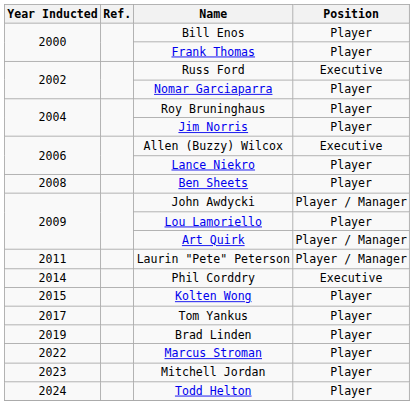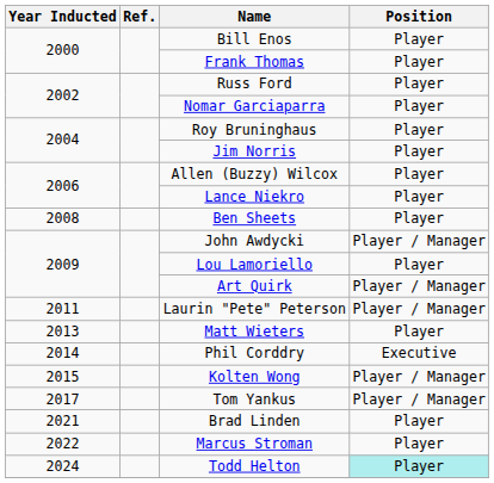 <table class="wikitable" style="text-align:center">
 <tr>
 <th>Year Inducted</th>
 <th>Ref.</th>
 <th>Name</th>
 <th>Position</th>
 </tr>
 <tr>
 <td rowspan="2">2000</td>
 <td rowspan="2"></td>
 <td>Bill Enos</td>
 <td>Player</td>
 </tr>
 <tr>
 <td><a href='#'>Frank Thomas</a></td>
 <td>Player</td>
 </tr>
 <tr>
 <td rowspan="2">2002</td>
 <td rowspan="2"></td>
 <td>Russ Ford</td>
-<td>Executive</td>
+<td>Player</td>
 </tr>
 <tr>
 <td><a href='#'>Nomar Garciaparra</a></td>
 <td>Player</td>
 </tr>
 <tr>
 <td rowspan="2">2004</td>
 <td rowspan="2"></td>
 <td>Roy Bruninghaus</td>
 <td>Player</td>
 </tr>
 <tr>
 <td><a href='#'>Jim Norris</a></td>
 <td>Player</td>
 </tr>
 <tr>
 <td rowspan="2">2006</td>
 <td rowspan="2"></td>
 <td>Allen (Buzzy) Wilcox</td>
-<td>Executive</td>
+<td>Player</td>
 </tr>
 <tr>
 <td><a href='#'>Lance Niekro</a></td>
 <td>Player</td>
 </tr>
 <tr>
 <td>2008</td>
 <td></td>
 <td><a href='#'>Ben Sheets</a></td>
 <td>Player</td>
 </tr>
 <tr>
 <td rowspan="3">2009</td>
 <td rowspan="3"></td>
 <td>John Awdycki</td>
 <td>Player / Manager</td>
 </tr>
 <tr>
 <td><a href='#'>Lou Lamoriello</a></td>
 <td>Player</td>
 </tr>
 <tr>
 <td><a href='#'>Art Quirk</a></td>
 <td>Player / Manager</td>
 </tr>
 <tr>
 <td>2011</td>
 <td></td>
 <td>Laurin "Pete" Peterson</td>
 <td>Player / Manager</td>
 </tr>
 <tr>
+<td>2013</td>
+<td></td>
+<td><a href='#'>Matt Wieters</a></td>
+<td>Player</td>
+</tr>
+<tr>
 <td>2014</td>
 <td></td>
 <td>Phil Corddry</td>
 <td>Executive</td>
 </tr>
 <tr>
 <td>2015</td>
 <td></td>
 <td><a href='#'>Kolten Wong</a></td>
-<td>Player</td>
+<td>Player / Manager</td>
 </tr>
 <tr>
 <td>2017</td>
 <td></td>
 <td>Tom Yankus</td>
-<td>Player</td>
+<td>Player / Manager</td>
 </tr>
 <tr>
-<td>2019</td>
+<td>2021</td>
 <td></td>
 <td>Brad Linden</td>
 <td>Player</td>
 </tr>
 <tr>
 <td>2022</td>
 <td></td>
 <td><a href='#'>Marcus Stroman</a></td>
 <td>Player</td>
 </tr>
 <tr>
-<td>2023</td>
-<td></td>
-<td>Mitchell Jordan</td>
-<td>Player</td>
-</tr>
-<tr>
 <td>2024</td>
 <td></td>
 <td><a href='#'>Todd Helton</a></td>
-<td>Player</td>
+<td style="background: paleturquoise;">Player</td>
 </tr>
 <tr>
 </tr>
 </table>
